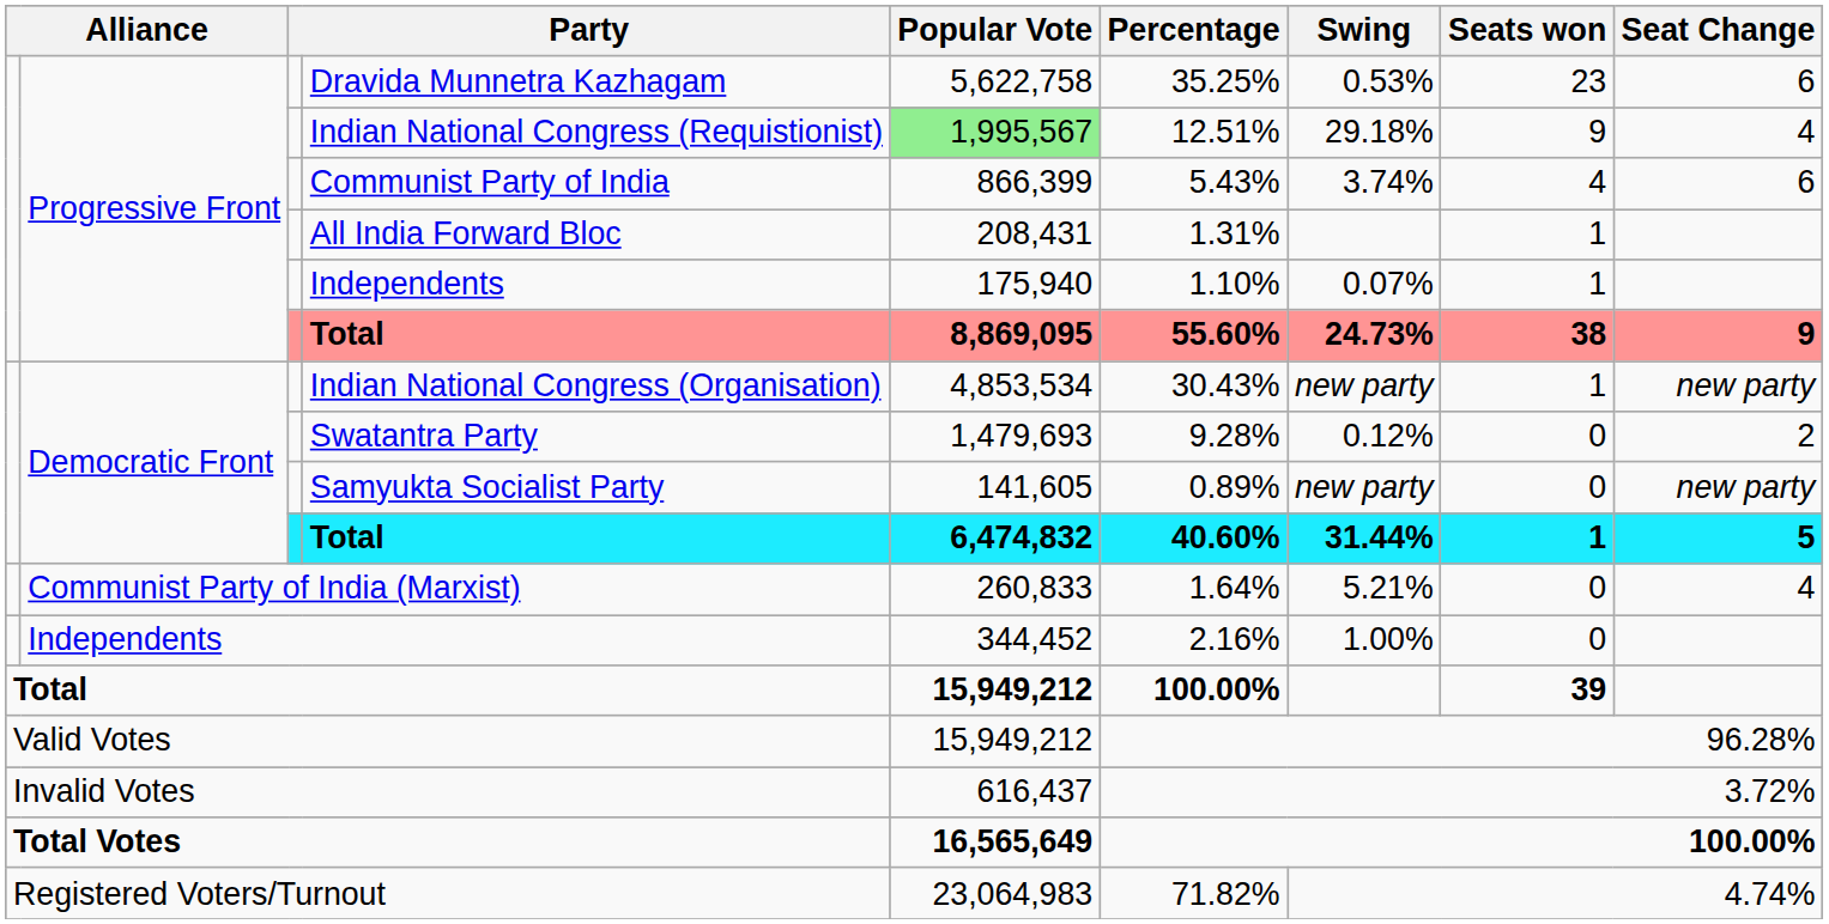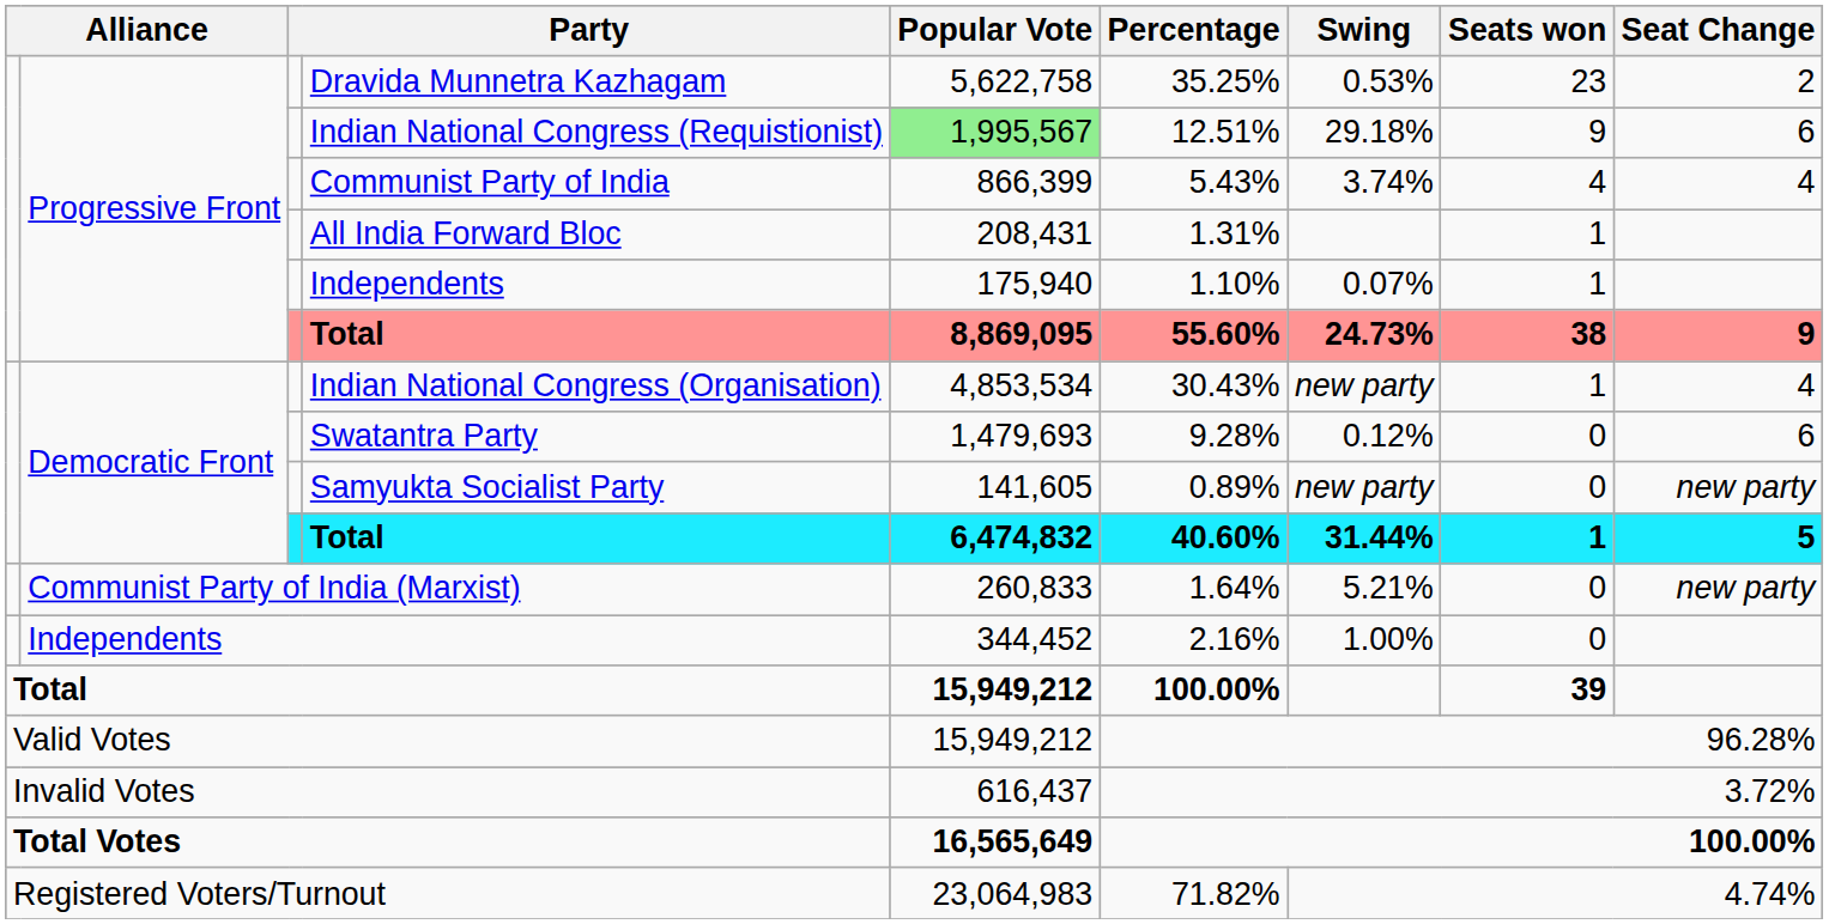 <table class='wikitable'>
 <tr>
 <th colspan="2" align=centre>Alliance</th>
 <th colspan="2" align=centre>Party</th>
 <th align=centre>Popular Vote</th>
 <th align=centre>Percentage</th>
 <th align=centre>Swing</th>
 <th align=centre>Seats won</th>
 <th align=centre>Seat Change</th>
 </tr>
 <tr>
 <td rowspan="6"></td>
 <td rowspan="6"><a href='#'>Progressive Front</a></td>
 <td></td>
 <td><a href='#'>Dravida Munnetra Kazhagam</a></td>
 <td align=right>5,622,758</td>
 <td align=right>35.25%</td>
 <td align=right>0.53%</td>
 <td align=right>23</td>
-<td align=right>6</td>
+<td align=right>2</td>
 </tr>
 <tr>
 <td></td>
 <td><a href='#'>Indian National Congress (Requistionist)</a></td>
 <td align=right style="background: lightgreen;">1,995,567</td>
 <td align=right>12.51%</td>
 <td align=right>29.18%</td>
 <td align=right>9</td>
-<td align=right>4</td>
+<td align=right>6</td>
 </tr>
 <tr>
 <td></td>
 <td><a href='#'>Communist Party of India</a></td>
 <td align=right>866,399</td>
 <td align=right>5.43%</td>
 <td align=right>3.74%</td>
 <td align=right>4</td>
-<td align=right>6</td>
+<td align=right>4</td>
 </tr>
 <tr>
 <td></td>
 <td><a href='#'>All India Forward Bloc</a></td>
 <td align=right>208,431</td>
 <td align=right>1.31%</td>
 <td align=right></td>
 <td align=right>1</td>
 <td align=right></td>
 </tr>
 <tr>
 <td></td>
 <td><a href='#'>Independents</a></td>
 <td align=right>175,940</td>
 <td align=right>1.10%</td>
 <td align=right>0.07%</td>
 <td align=right>1</td>
 <td align=right></td>
 </tr>
 <tr>
 <td style="background:#FF9494"></td>
 <td style="background:#FF9494" align=left><strong>Total</strong></td>
 <td style="background:#FF9494" align=right><strong>8,869,095</strong></td>
 <td style="background:#FF9494" align=right><strong>55.60%</strong></td>
 <td style="background:#FF9494" align=right><strong>24.73%</strong></td>
 <td style="background:#FF9494" align=right><strong>38</strong></td>
 <td style="background:#FF9494" align=right><strong>9</strong></td>
 </tr>
 <tr>
 <td rowspan="4"></td>
 <td rowspan="4"><a href='#'>Democratic Front</a></td>
 <td></td>
 <td><a href='#'>Indian National Congress (Organisation)</a></td>
 <td align=right>4,853,534</td>
 <td align=right>30.43%</td>
 <td align=right><em>new party</em></td>
 <td align=right>1</td>
-<td align=right><em>new party</em></td>
+<td align=right>4</td>
 </tr>
 <tr>
 <td></td>
 <td><a href='#'>Swatantra Party</a></td>
 <td align=right>1,479,693</td>
 <td align=right>9.28%</td>
 <td align=right>0.12%</td>
 <td align=right>0</td>
-<td align=right>2</td>
+<td align=right>6</td>
 </tr>
 <tr>
 <td></td>
 <td><a href='#'>Samyukta Socialist Party</a></td>
 <td align=right>141,605</td>
 <td align=right>0.89%</td>
 <td align=right><em>new party</em></td>
 <td align=right>0</td>
 <td align=right><em>new party</em></td>
 </tr>
 <tr>
 <td style="background:#1CECFF"></td>
 <td style="background:#1CECFF" align=left><strong>Total</strong></td>
 <td style="background:#1CECFF" align=right><strong>6,474,832</strong></td>
 <td style="background:#1CECFF" align=right><strong>40.60%</strong></td>
 <td style="background:#1CECFF" align=right><strong>31.44%</strong></td>
 <td style="background:#1CECFF" align=right><strong>1</strong></td>
 <td style="background:#1CECFF" align=right><strong>5</strong></td>
 </tr>
 <tr>
 <td></td>
 <td colspan="3" align=left><a href='#'>Communist Party of India (Marxist)</a></td>
 <td align=right>260,833</td>
 <td align=right>1.64%</td>
 <td align=right>5.21%</td>
 <td align=right>0</td>
-<td align=right>4</td>
+<td align=right><em>new party</em></td>
 </tr>
 <tr>
 <td></td>
 <td colspan="3" align=left><a href='#'>Independents</a></td>
 <td align=right>344,452</td>
 <td align=right>2.16%</td>
 <td align=right>1.00%</td>
 <td align=right>0</td>
 <td align=right></td>
 </tr>
 <tr>
 <td colspan="4" align=left><strong>Total</strong></td>
 <td align=right><strong>15,949,212</strong></td>
 <td align=right><strong>100.00%</strong></td>
 <td align=right></td>
 <td align=right><strong>39</strong></td>
 <td align=right></td>
 </tr>
 <tr>
 <td colspan="4" align=left>Valid Votes</td>
 <td align=right>15,949,212</td>
 <td colspan="4" align=right>96.28%</td>
 </tr>
 <tr>
 <td colspan="4" align=left>Invalid Votes</td>
 <td align=right>616,437</td>
 <td colspan="4" align=right>3.72%</td>
 </tr>
 <tr>
 <td colspan="4" align=left><strong>Total Votes</strong></td>
 <td align=right><strong>16,565,649</strong></td>
 <td colspan="4" align=right><strong>100.00%</strong></td>
 </tr>
 <tr>
 <td colspan="4" align=left>Registered Voters/Turnout</td>
 <td align=right>23,064,983</td>
 <td align=right>71.82%</td>
 <td colspan="3" align=right>4.74%</td>
 </tr>
 </table>
